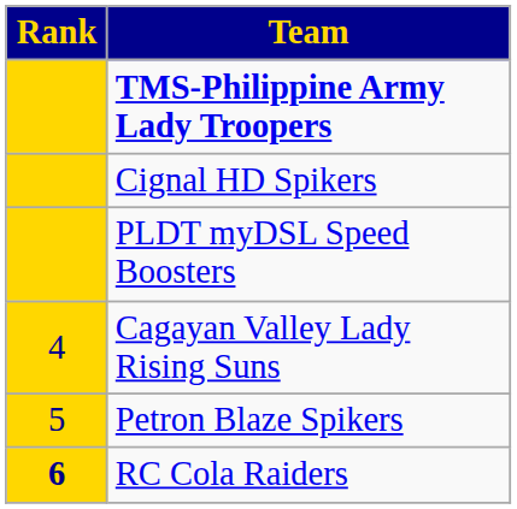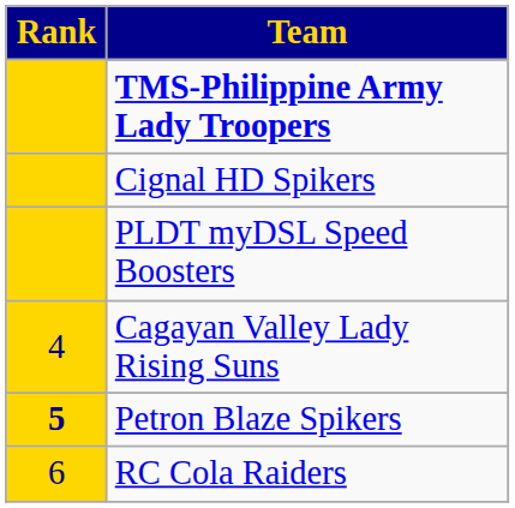 <table class="wikitable" style="text-align: center;">
 <tr>
 <th width=40 style="background:#00008B; color:#FFD700;">Rank</th>
 <th width=180 style="background:#00008B; color:#FFD700;">Team</th>
 </tr>
 <tr>
 <td style="background:#FFD700; color:#00008B;"></td>
 <td style="text-align:left;"><strong><a href='#'>TMS-Philippine Army Lady Troopers</a></strong></td>
 </tr>
 <tr>
 <td style="background:#FFD700; color:#00008B;"></td>
 <td style="text-align:left;"><a href='#'>Cignal HD Spikers</a></td>
 </tr>
 <tr>
 <td style="background:#FFD700; color:#00008B;"></td>
 <td style="text-align:left;"><a href='#'>PLDT myDSL Speed Boosters</a></td>
 </tr>
 <tr>
 <td style="background:#FFD700; color:#00008B;">4</td>
 <td style="text-align:left;"><a href='#'>Cagayan Valley Lady Rising Suns</a></td>
 </tr>
 <tr>
-<td style="background:#FFD700; color:#00008B;">5</td>
+<td style="background:#FFD700; color:#00008B;"><strong>5</strong></td>
 <td style="text-align:left;"><a href='#'>Petron Blaze Spikers</a></td>
 </tr>
 <tr>
-<td style="background:#FFD700; color:#00008B;"><strong>6</strong></td>
+<td style="background:#FFD700; color:#00008B;">6</td>
 <td style="text-align:left;"><a href='#'>RC Cola Raiders</a></td>
 </tr>
 </table>
